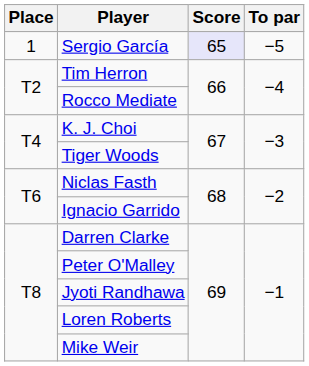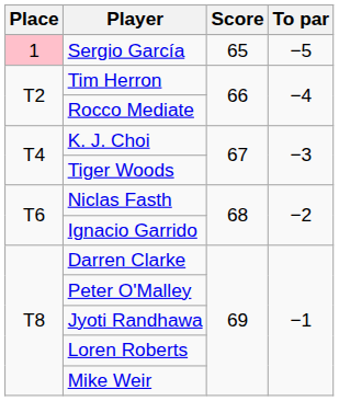 <table class="wikitable">
 <tr>
 <th>Place</th>
 <th>Player</th>
 <th>Score</th>
 <th>To par</th>
 </tr>
 <tr>
-<td align=center>1</td>
+<td align=center style="background: pink;">1</td>
 <td> <a href='#'>Sergio García</a></td>
-<td align=center style="background: lavender;">65</td>
+<td align=center>65</td>
 <td align=center>−5</td>
 </tr>
 <tr>
 <td rowspan="2" align=center>T2</td>
 <td> <a href='#'>Tim Herron</a></td>
 <td rowspan="2" align=center>66</td>
 <td rowspan="2" align=center>−4</td>
 </tr>
 <tr>
 <td> <a href='#'>Rocco Mediate</a></td>
 </tr>
 <tr>
 <td rowspan="2" align=center>T4</td>
 <td> <a href='#'>K. J. Choi</a></td>
 <td rowspan="2" align=center>67</td>
 <td rowspan="2" align=center>−3</td>
 </tr>
 <tr>
 <td> <a href='#'>Tiger Woods</a></td>
 </tr>
 <tr>
 <td rowspan="2" align=center>T6</td>
 <td> <a href='#'>Niclas Fasth</a></td>
 <td rowspan="2" align=center>68</td>
 <td rowspan="2" align=center>−2</td>
 </tr>
 <tr>
 <td> <a href='#'>Ignacio Garrido</a></td>
 </tr>
 <tr>
 <td rowspan="5" align=center>T8</td>
 <td> <a href='#'>Darren Clarke</a></td>
 <td rowspan="5" align=center>69</td>
 <td rowspan="5" align=center>−1</td>
 </tr>
 <tr>
 <td> <a href='#'>Peter O'Malley</a></td>
 </tr>
 <tr>
 <td> <a href='#'>Jyoti Randhawa</a></td>
 </tr>
 <tr>
 <td> <a href='#'>Loren Roberts</a></td>
 </tr>
 <tr>
 <td> <a href='#'>Mike Weir</a></td>
 </tr>
 </table>
